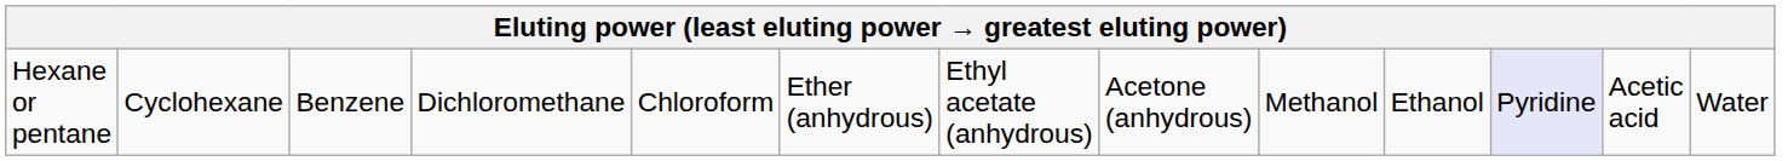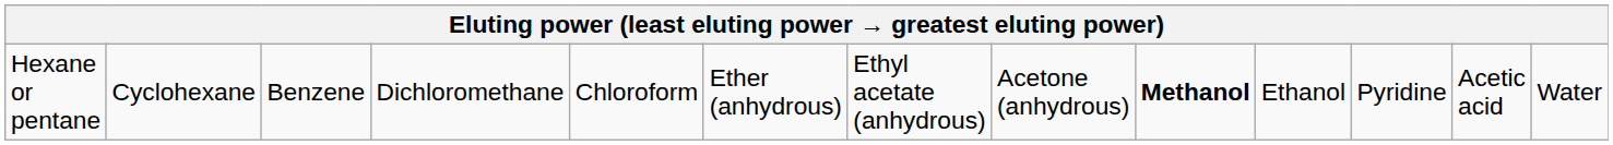 <table class="wikitable">
 <tr>
 <th colspan="13">Eluting power (least eluting power → greatest eluting power)</th>
 </tr>
 <tr>
 <td>Hexane or pentane</td>
 <td>Cyclohexane</td>
 <td>Benzene</td>
 <td>Dichloromethane</td>
 <td>Chloroform</td>
 <td>Ether (anhydrous)</td>
 <td>Ethyl acetate (anhydrous)</td>
 <td>Acetone (anhydrous)</td>
-<td>Methanol</td>
+<td><strong>Methanol</strong></td>
 <td>Ethanol</td>
-<td style="background: lavender;">Pyridine</td>
+<td>Pyridine</td>
 <td>Acetic acid</td>
 <td>Water</td>
 </tr>
 </table>
